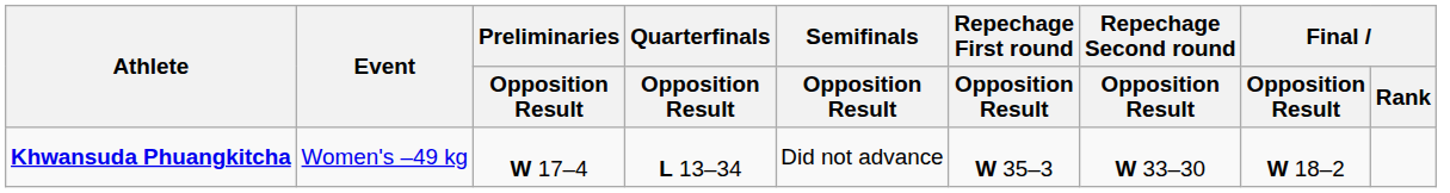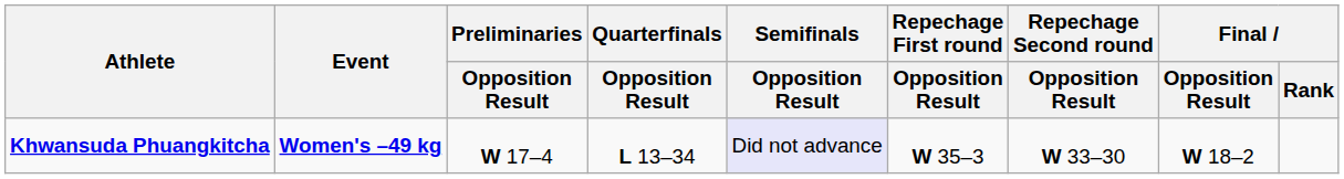 <table class="wikitable" style="font-size:90%">
 <tr>
 <th rowspan="2">Athlete</th>
 <th rowspan="2">Event</th>
 <th>Preliminaries</th>
 <th>Quarterfinals</th>
 <th>Semifinals</th>
 <th>Repechage<br>First round</th>
 <th>Repechage<br>Second round</th>
 <th colspan="2">Final / </th>
 </tr>
 <tr>
 <th>Opposition<br>Result</th>
 <th>Opposition<br>Result</th>
 <th>Opposition<br>Result</th>
 <th>Opposition<br>Result</th>
 <th>Opposition<br>Result</th>
 <th>Opposition<br>Result</th>
 <th>Rank</th>
 </tr>
 <tr align=center>
 <td align=left><strong><a href='#'>Khwansuda Phuangkitcha</a></strong></td>
-<td align=left><a href='#'>Women's –49 kg</a></td>
+<td align=left><strong><a href='#'>Women's –49 kg</a></strong></td>
 <td><br> <strong>W</strong> 17–4</td>
 <td><br> <strong>L</strong> 13–34</td>
-<td>Did not advance</td>
+<td style="background: lavender;">Did not advance</td>
 <td><br> <strong>W</strong> 35–3</td>
 <td><br> <strong>W</strong> 33–30</td>
 <td><br> <strong>W</strong> 18–2</td>
 <td></td>
 </tr>
 </table>
